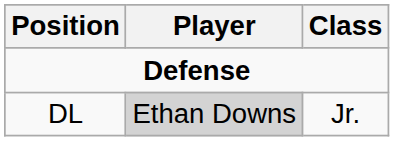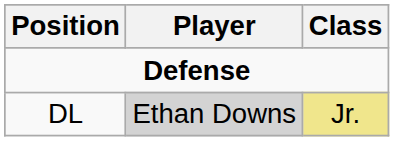 <table class="wikitable">
 <tr>
 <th>Position</th>
 <th>Player</th>
 <th>Class</th>
 </tr>
 <tr>
 <td colspan="4" style="text-align:center; "><strong>Defense</strong></td>
 </tr>
 <tr style="text-align:center;">
 <td>DL</td>
 <td style="background: lightgrey;">Ethan Downs</td>
-<td>Jr.</td>
+<td style="background: khaki;">Jr.</td>
 </tr>
 </table>
